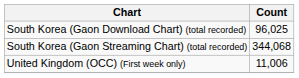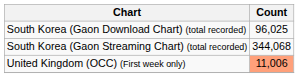 <table class="wikitable">
 <tr>
 <th>Chart</th>
 <th>Count</th>
 </tr>
 <tr>
 <td>South Korea (Gaon Download Chart) <small>(total recorded)</small></td>
 <td align="center">96,025</td>
 </tr>
 <tr>
 <td>South Korea (Gaon Streaming Chart) <small>(total recorded)</small></td>
 <td align="center">344,068</td>
 </tr>
 <tr>
 <td>United Kingdom (OCC) <small>(First week only)</small></td>
-<td align="center">11,006</td>
+<td align="center" style="background: lightsalmon;">11,006</td>
 </tr>
 <tr>
 </tr>
 </table>
